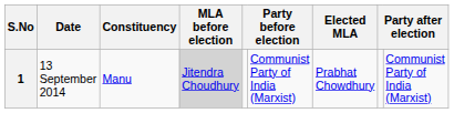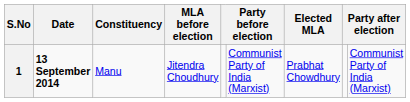 <table class="wikitable sortable">
 <tr>
 <th>S.No</th>
 <th>Date</th>
 <th>Constituency</th>
 <th>MLA before election</th>
 <th colspan="2">Party before election</th>
 <th>Elected MLA</th>
 <th colspan="2">Party after election</th>
 </tr>
 <tr>
 <th>1</th>
-<td>13 September 2014</td>
+<td><strong>13 September 2014</strong></td>
 <td><a href='#'>Manu</a></td>
-<td style="background: lightgrey;"><a href='#'>Jitendra Choudhury</a></td>
+<td><a href='#'>Jitendra Choudhury</a></td>
 <td></td>
 <td><a href='#'>Communist Party of India (Marxist)</a></td>
 <td><a href='#'>Prabhat Chowdhury</a></td>
 <td></td>
 <td><a href='#'>Communist Party of India (Marxist)</a></td>
 </tr>
 </table>
